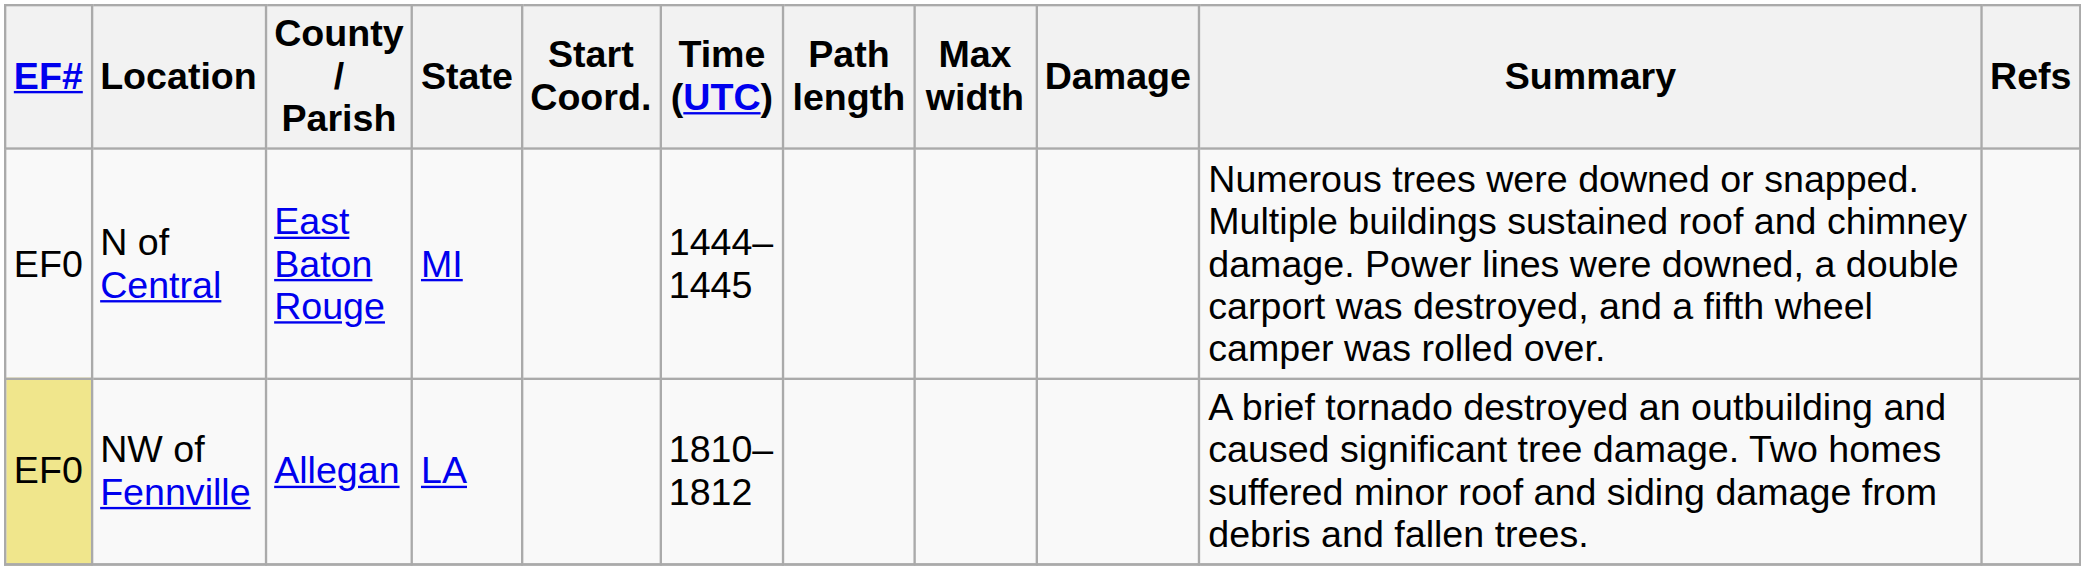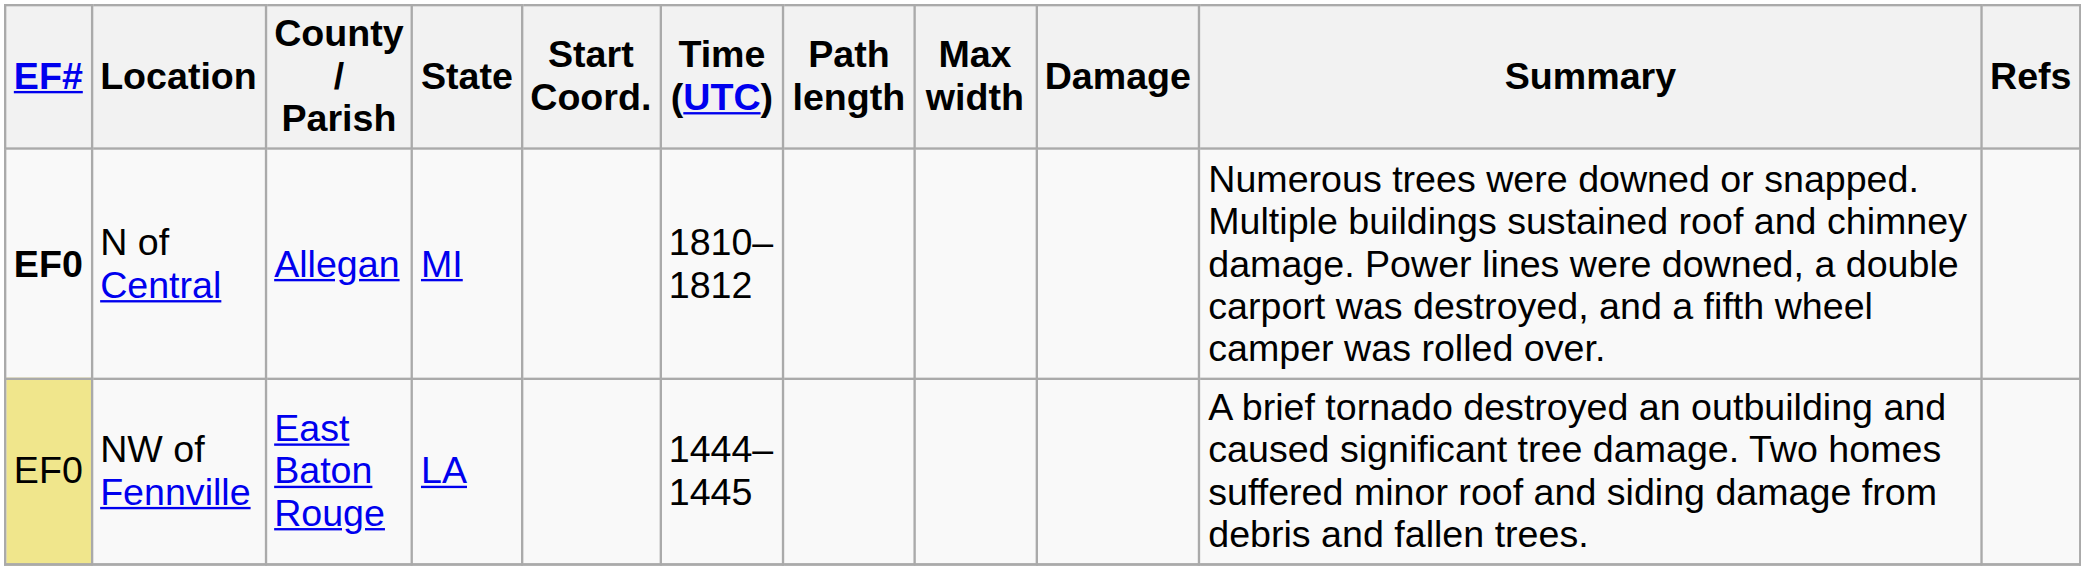 <table class="wikitable sortable" style="width:100%;">
 <tr>
 <th scope="col" width="3%" align="center"><a href='#'>EF#</a></th>
 <th scope="col" width="7%" align="center" class="unsortable">Location</th>
 <th scope="col" width="6%" align="center" class="unsortable">County / Parish</th>
 <th scope="col" width="5%" align="center">State</th>
 <th scope="col" width="6%" align="center">Start Coord.</th>
 <th scope="col" width="6%" align="center">Time (<a href='#'>UTC</a>)</th>
 <th scope="col" width="6%" align="center">Path length</th>
 <th scope="col" width="6%" align="center">Max width</th>
 <th scope="col" width="6%" align="center">Damage</th>
 <th scope="col" width="48%" class="unsortable" align="center">Summary</th>
 <th scope="col" width="48%" class="unsortable" align="center">Refs</th>
 </tr>
 <tr>
-<td>EF0</td>
+<td><strong>EF0</strong></td>
 <td>N of <a href='#'>Central</a></td>
-<td><a href='#'>East Baton Rouge</a></td>
+<td><a href='#'>Allegan</a></td>
 <td><a href='#'>MI</a></td>
 <td></td>
-<td>1444–1445</td>
+<td>1810–1812</td>
 <td></td>
 <td></td>
 <td></td>
 <td>Numerous trees were downed or snapped. Multiple buildings sustained roof and chimney damage. Power lines were downed, a double carport was destroyed, and a  fifth wheel camper was rolled over.</td>
 <td></td>
 </tr>
 <tr>
 <td style="background: khaki;">EF0</td>
 <td>NW of <a href='#'>Fennville</a></td>
-<td><a href='#'>Allegan</a></td>
+<td><a href='#'>East Baton Rouge</a></td>
 <td><a href='#'>LA</a></td>
 <td></td>
-<td>1810–1812</td>
+<td>1444–1445</td>
 <td></td>
 <td></td>
 <td></td>
 <td>A brief tornado destroyed an outbuilding and caused significant tree damage. Two homes suffered minor roof and siding damage from debris and fallen trees.</td>
 <td></td>
 </tr>
 <tr>
 </tr>
 </table>
